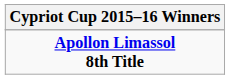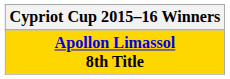 <table class="wikitable" style="text-align:center;margin: 0 auto;">
 <tr>
 <th>Cypriot Cup 2015–16 Winners</th>
 </tr>
 <tr>
 </tr>
 <tr>
 </tr>
 <tr>
-<td><strong><a href='#'>Apollon Limassol</a></strong><br><strong>8th Title</strong></td>
+<td style="background: gold;"><strong><a href='#'>Apollon Limassol</a></strong><br><strong>8th Title</strong></td>
 </tr>
 </table>
